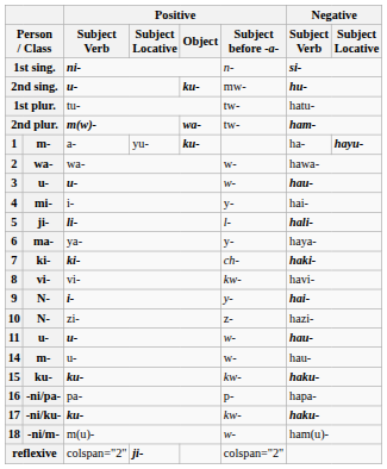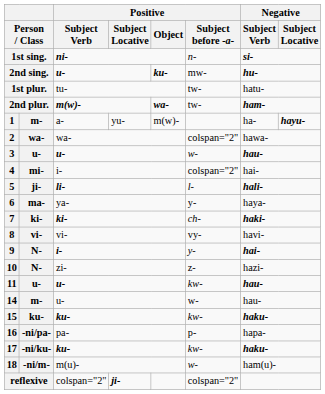 <table class="wikitable">
 <tr>
 <th colspan=2></th>
 <th colspan="4">Positive</th>
 <th colspan="2">Negative</th>
 </tr>
 <tr>
 <th colspan=2>Person<br>/ Class</th>
 <th>Subject<br>Verb</th>
 <th>Subject<br>Locative</th>
 <th>Object</th>
 <th>Subject<br>before <em>-a-</em></th>
 <th>Subject<br>Verb</th>
 <th>Subject<br>Locative</th>
 </tr>
 <tr>
 <th colspan=2>1st sing.</th>
 <td colspan="3"><strong><em>ni-</em></strong></td>
 <td><em>n-</em></td>
 <td colspan="2"><strong><em>si-</em></strong></td>
 </tr>
 <tr>
 <th colspan=2>2nd sing.</th>
 <td colspan="2"><strong><em>u-</em></strong></td>
 <td><strong><em>ku-</em></strong></td>
 <td></em>mw-<em></td>
 <td colspan="2"><strong><em>h<strong>u-<em></td>
 </tr>
 <tr>
 <th colspan=2>1st plur.</th>
 <td colspan="3"></em></strong>tu-<strong><em></td>
 <td></em>tw-<em></td>
 <td colspan="2"></em></strong>ha</strong>tu-</em></td>
 </tr>
 <tr>
 <th colspan=2>2nd plur.</th>
 <td colspan="2"><strong><em>m(w)-</em></strong></td>
 <td><strong><em>wa-</em></strong></td>
 <td></em>tw-<em></td>
 <td colspan="2"><strong><em>ha<strong>m-<em></td>
 </tr>
 <tr>
 <th>1</th>
 <th>m-</th>
 <td></em></strong>a-<strong><em></td>
 <td></em></strong>yu-<strong><em></td>
-<td><strong><em>ku-</em></strong></td>
+<td></em></strong>m(w)-<strong><em></td>
 <td></td>
 <td></em></strong>h</strong>a-</em></td>
 <td><strong><em>ha<strong>yu-<em></td>
 </tr>
 <tr>
 <th>2</th>
 <th>wa-</th>
 <td colspan="3"></em></strong>wa-<strong><em></td>
-<td></em>w-<em></td>
+<td>colspan="2" </td>
 <td colspan="2"></em></strong>ha</strong>wa-</em></td>
 </tr>
 <tr>
 <th>3</th>
 <th>u-</th>
 <td colspan="3"><strong><em>u-</em></strong></td>
 <td><em>w-</em></td>
 <td colspan="2"><strong><em>ha<strong>u-<em></td>
 </tr>
 <tr>
 <th>4</th>
 <th>mi-</th>
 <td colspan="3"></em></strong>i-<strong><em></td>
-<td></em>y-<em></td>
+<td>colspan="2" </td>
 <td colspan="2"></em></strong>ha</strong>i-</em></td>
 </tr>
 <tr>
 <th>5</th>
 <th>ji-</th>
 <td colspan="3"><strong><em>li-</em></strong></td>
 <td><em>l-</em></td>
 <td colspan="2"><strong><em>ha<strong>li-<em></td>
 </tr>
 <tr>
 <th>6</th>
 <th>ma-</th>
 <td colspan="3"></em></strong>ya-<strong><em></td>
 <td></em>y-<em></td>
 <td colspan="2"></em></strong>ha</strong>ya-</em></td>
 </tr>
 <tr>
 <th>7</th>
 <th>ki-</th>
 <td colspan="3"><strong><em>ki-</em></strong></td>
 <td><em>ch-</em></td>
 <td colspan="2"><strong><em>ha<strong>ki-<em></td>
 </tr>
 <tr>
 <th>8</th>
 <th>vi-</th>
 <td colspan="3"></em></strong>vi-<strong><em></td>
-<td><em>kw-</em></td>
+<td></em>vy-<em></td>
 <td colspan="2"></em></strong>ha</strong>vi-</em></td>
 </tr>
 <tr>
 <th>9</th>
 <th>N-</th>
 <td colspan="3"><strong><em>i-</em></strong></td>
 <td><em>y-</em></td>
 <td colspan="2"><strong><em>ha<strong>i-<em></td>
 </tr>
 <tr>
 <th>10</th>
 <th>N-</th>
 <td colspan="3"></em></strong>zi-<strong><em></td>
 <td></em>z-<em></td>
 <td colspan="2"></em></strong>ha</strong>zi-</em></td>
 </tr>
 <tr>
 <th>11</th>
 <th>u-</th>
 <td colspan="3"><strong><em>u-</em></strong></td>
-<td><em>w-</em></td>
+<td><em>kw-</em></td>
 <td colspan="2"><strong><em>ha<strong>u-<em></td>
 </tr>
 <tr>
 <th>14</th>
 <th>m-</th>
 <td colspan="3"></em></strong>u-<strong><em></td>
 <td></em>w-<em></td>
 <td colspan="2"></em></strong>ha</strong>u-</em></td>
 </tr>
 <tr>
 <th>15</th>
 <th>ku-</th>
 <td colspan="3"><strong><em>ku-</em></strong></td>
 <td><em>kw-</em></td>
 <td colspan="2"><strong><em>ha<strong>ku-<em></td>
 </tr>
 <tr>
 <th>16</th>
 <th>-ni/pa-</th>
 <td colspan="3"></em></strong>pa-<strong><em></td>
 <td></em>p-<em></td>
 <td colspan="2"></em></strong>ha</strong>pa-</em></td>
 </tr>
 <tr>
 <th>17</th>
 <th>-ni/ku-</th>
 <td colspan="3"><strong><em>ku-</em></strong></td>
 <td><em>kw-</em></td>
 <td colspan="2"><strong><em>ha<strong>ku-<em></td>
 </tr>
 <tr>
 <th>18</th>
 <th>-ni/m-</th>
 <td colspan="3"></em></strong>m(u)-<strong><em></td>
 <td><em>w-</em></td>
 <td colspan="2"></em></strong>ha</strong>m(u)-</em></td>
 </tr>
 <tr>
 <th colspan=2>reflexive</th>
 <td>colspan="2" </td>
 <td><strong><em>ji-</em></strong></td>
 <td></td>
 <td>colspan="2" </td>
 </tr>
 </table>
